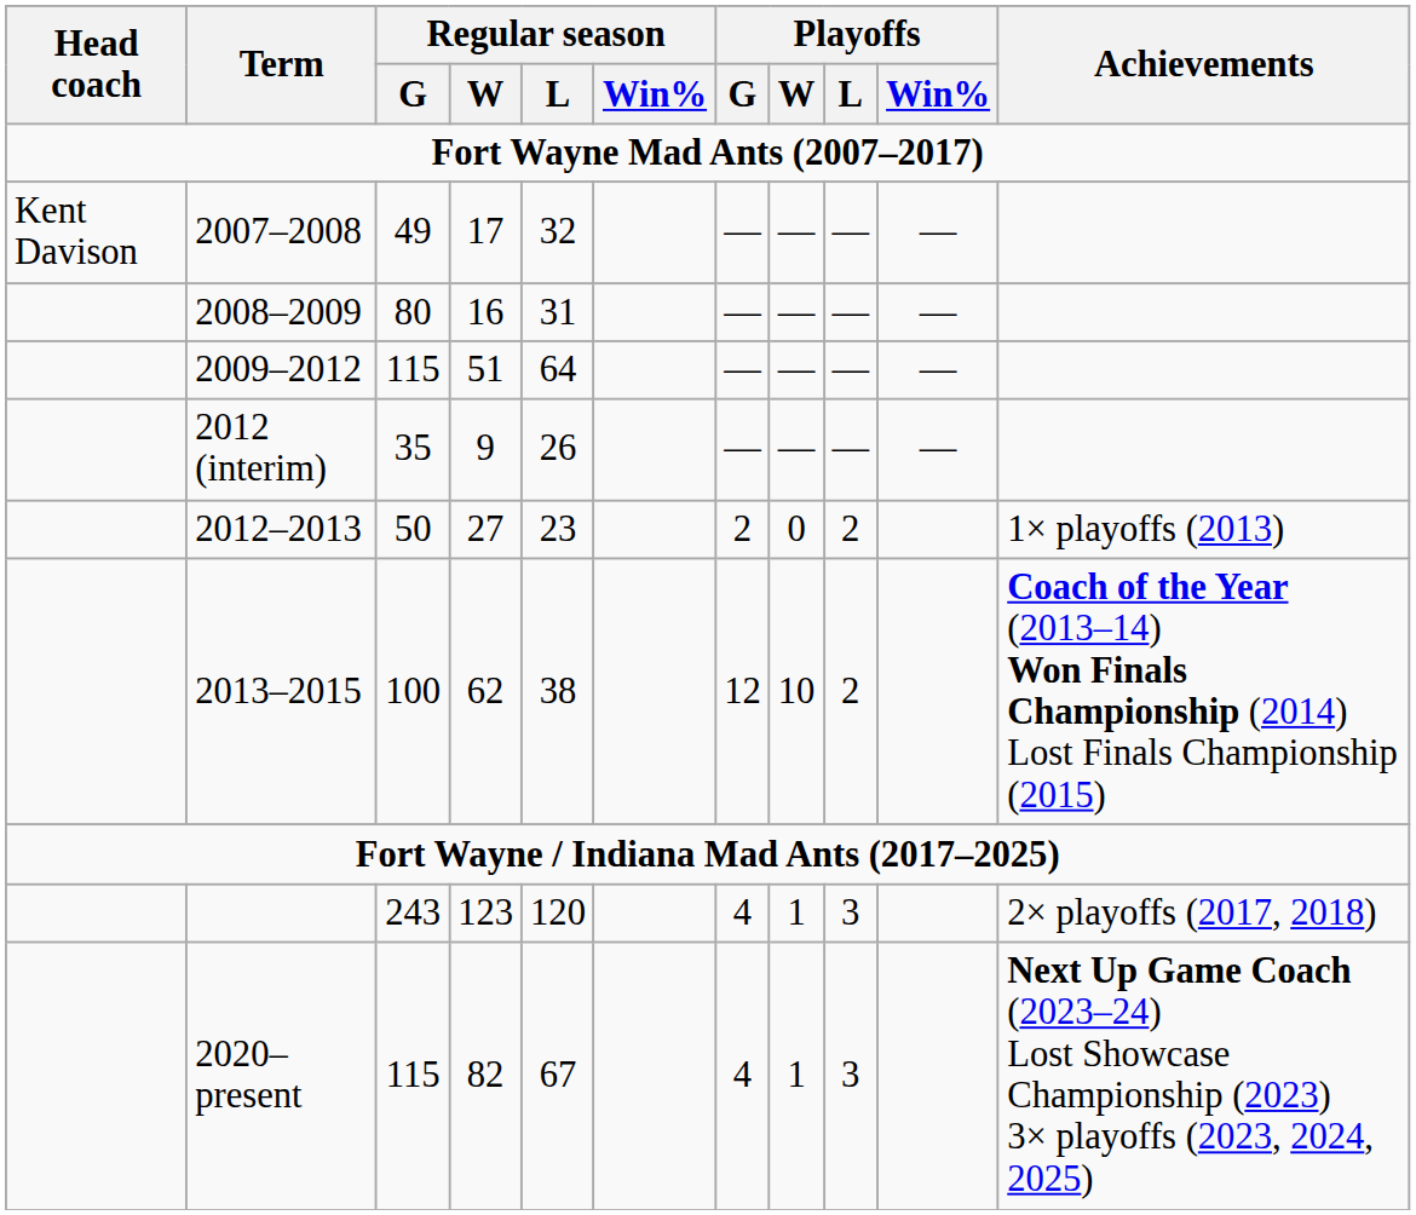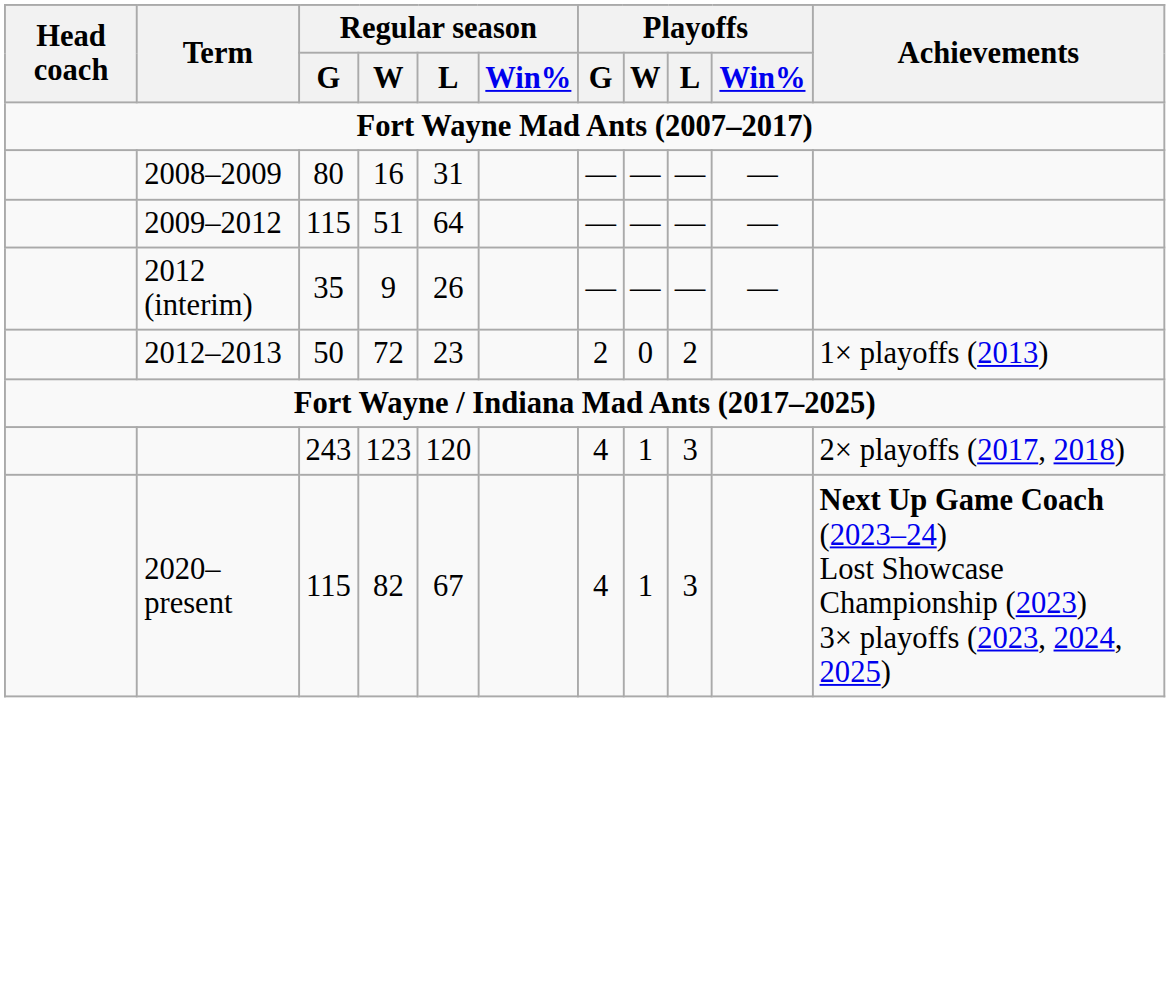 <table class="wikitable sortable" style="text-align:center">
 <tr>
 <th scope="col" rowspan="2">Head coach</th>
 <th scope="col" rowspan="2">Term</th>
 <th scope="col" colspan="4">Regular season</th>
 <th scope="col" colspan="4">Playoffs</th>
 <th scope="col" rowspan="2">Achievements</th>
 </tr>
 <tr>
 <th scope="col">G</th>
 <th scope="col">W</th>
 <th scope="col">L</th>
 <th scope="col"><a href='#'>Win%</a></th>
 <th scope="col">G</th>
 <th scope="col">W</th>
 <th scope="col">L</th>
 <th scope="col"><a href='#'>Win%</a></th>
 </tr>
 <tr>
 <td colspan=11><strong>Fort Wayne Mad Ants (2007–2017)</strong></td>
-</tr>
-<tr>
-<td scope="row" align=left>Kent Davison</td>
-<td align=left>2007–2008</td>
-<td>49</td>
-<td>17</td>
-<td>32</td>
-<td></td>
-<td>—</td>
-<td>—</td>
-<td>—</td>
-<td>—</td>
-<td align=left></td>
 </tr>
 <tr>
 <td scope="row" align=left></td>
 <td align=left>2008–2009</td>
 <td>80</td>
 <td>16</td>
 <td>31</td>
 <td></td>
 <td>—</td>
 <td>—</td>
 <td>—</td>
 <td>—</td>
 <td align=left></td>
 </tr>
 <tr>
 <td scope="row" align=left></td>
 <td align=left>2009–2012</td>
 <td>115</td>
 <td>51</td>
 <td>64</td>
 <td></td>
 <td>—</td>
 <td>—</td>
 <td>—</td>
 <td>—</td>
 <td align=left></td>
 </tr>
 <tr>
 <td scope="row" align=left></td>
 <td align=left>2012 (interim)</td>
 <td>35</td>
 <td>9</td>
 <td>26</td>
 <td></td>
 <td>—</td>
 <td>—</td>
 <td>—</td>
 <td>—</td>
 <td align=left></td>
 </tr>
 <tr>
 <td scope="row" align=left></td>
 <td align=left>2012–2013</td>
 <td>50</td>
-<td>27</td>
+<td>72</td>
 <td>23</td>
 <td></td>
 <td>2</td>
 <td>0</td>
 <td>2</td>
 <td></td>
 <td align=left>1× playoffs (<a href='#'>2013</a>)</td>
-</tr>
-<tr>
-<td scope="row" align=left></td>
-<td align=left>2013–2015</td>
-<td>100</td>
-<td>62</td>
-<td>38</td>
-<td></td>
-<td>12</td>
-<td>10</td>
-<td>2</td>
-<td></td>
-<td align=left><a href='#'><strong>Coach of the Year</strong></a> (<a href='#'>2013–14</a>)<br><strong>Won Finals Championship</strong> (<a href='#'>2014</a>)<br>Lost Finals Championship (<a href='#'>2015</a>)</td>
 </tr>
 <tr>
 <td colspan=11><strong>Fort Wayne / Indiana Mad Ants (2017–2025)</strong></td>
 </tr>
 <tr>
 <td scope="row" align=left></td>
 <td align=left></td>
 <td>243</td>
 <td>123</td>
 <td>120</td>
 <td></td>
 <td>4</td>
 <td>1</td>
 <td>3</td>
 <td></td>
 <td align=left>2× playoffs (<a href='#'>2017</a>, <a href='#'>2018</a>)</td>
 </tr>
 <tr>
 <td scope="row" align=left></td>
 <td align=left>2020–present</td>
 <td>115</td>
 <td>82</td>
 <td>67</td>
 <td></td>
 <td>4</td>
 <td>1</td>
 <td>3</td>
 <td></td>
 <td align=left><strong>Next Up Game Coach</strong> (<a href='#'>2023–24</a>)<br>Lost Showcase Championship (<a href='#'>2023</a>)<br>3× playoffs (<a href='#'>2023</a>, <a href='#'>2024</a>, <a href='#'>2025</a>)</td>
 </tr>
 </table>
